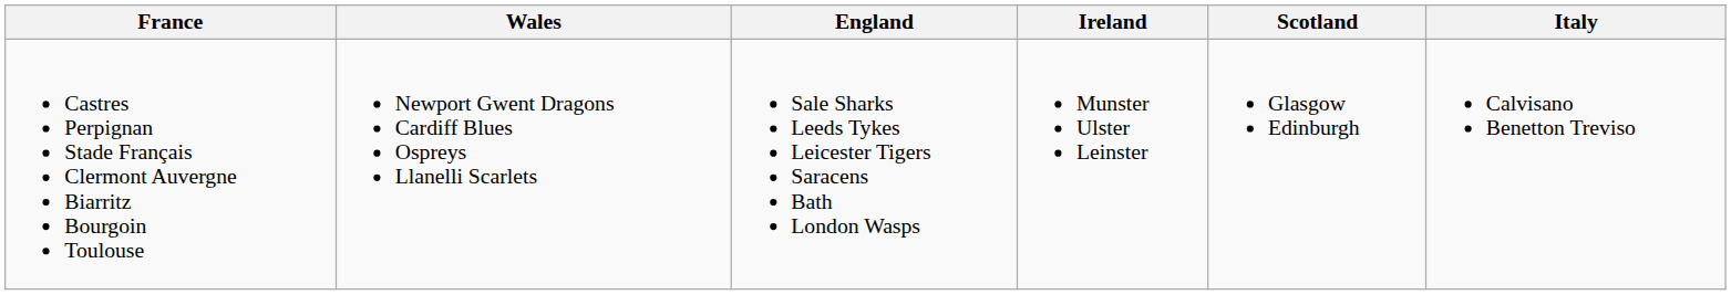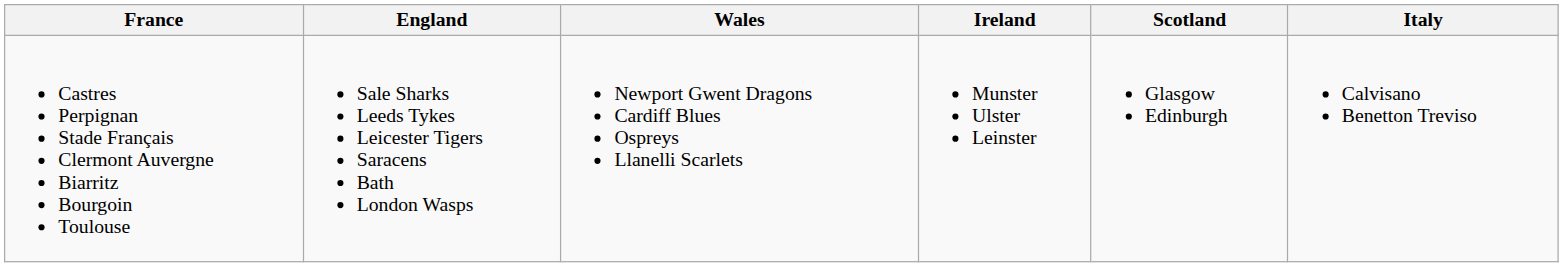 <table class="wikitable" width=100%>
 <tr>
 <th>France</th>
+<th>England</th>
 <th>Wales</th>
-<th>England</th>
 <th>Ireland</th>
 <th>Scotland</th>
 <th>Italy</th>
 </tr>
 <tr valign=top>
 <td><br><ul><li> Castres</li><li> Perpignan</li><li> Stade Français</li><li> Clermont Auvergne</li><li> Biarritz</li><li> Bourgoin</li><li> Toulouse</li></ul></td>
+<td><br><ul><li> Sale Sharks</li><li> Leeds Tykes</li><li> Leicester Tigers</li><li> Saracens</li><li> Bath</li><li> London Wasps</li></ul></td>
 <td><br><ul><li> Newport Gwent Dragons</li><li> Cardiff Blues</li><li> Ospreys</li><li> Llanelli Scarlets</li></ul></td>
-<td><br><ul><li> Sale Sharks</li><li> Leeds Tykes</li><li> Leicester Tigers</li><li> Saracens</li><li> Bath</li><li> London Wasps</li></ul></td>
 <td><br><ul><li> Munster</li><li> Ulster</li><li> Leinster</li></ul></td>
 <td><br><ul><li> Glasgow</li><li> Edinburgh</li></ul></td>
 <td><br><ul><li> Calvisano</li><li> Benetton Treviso</li></ul></td>
 </tr>
 </table>
